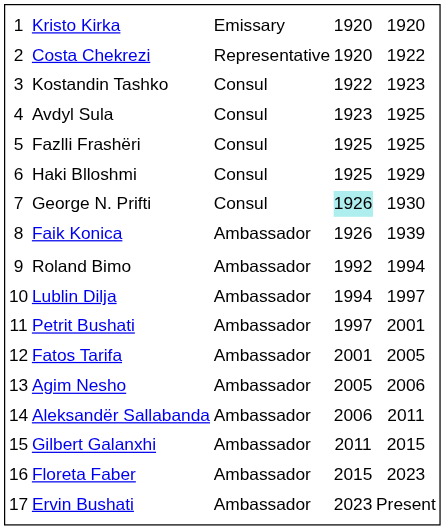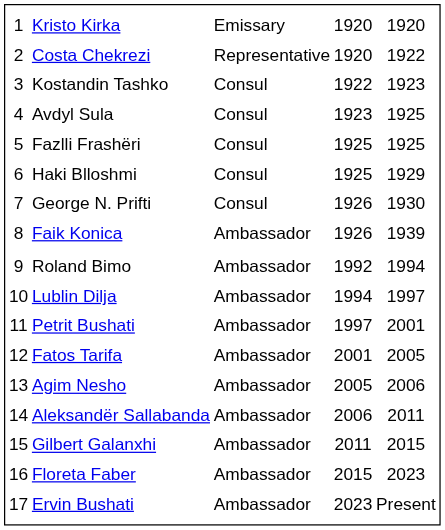 <table cellpadding="0" cellspacing="3" style="border:1px solid #000000; font-size:88%; line-height: 1.5em;">
 <tr>
 <td><strong></strong></td>
 <td><strong></strong></td>
 <td><strong></strong></td>
 <td colspan="2"></td>
 </tr>
 <tr>
 <td align=center>1</td>
 <td><a href='#'>Kristo Kirka</a></td>
 <td>Emissary</td>
 <td align=center>1920</td>
 <td align=center>1920</td>
 </tr>
 <tr>
 <td align=center>2</td>
 <td><a href='#'>Costa Chekrezi</a></td>
 <td>Representative</td>
 <td align=center>1920</td>
 <td align=center>1922</td>
 </tr>
 <tr>
 <td align=center>3</td>
 <td>Kostandin Tashko</td>
 <td>Consul</td>
 <td align=center>1922</td>
 <td align=center>1923</td>
 </tr>
 <tr>
 <td align=center>4</td>
 <td>Avdyl Sula</td>
 <td>Consul</td>
 <td align=center>1923</td>
 <td align=center>1925</td>
 </tr>
 <tr>
 <td align=center>5</td>
 <td>Fazlli Frashëri</td>
 <td>Consul</td>
 <td align=center>1925</td>
 <td align=center>1925</td>
 </tr>
 <tr>
 <td align=center>6</td>
 <td>Haki Blloshmi</td>
 <td>Consul</td>
 <td align=center>1925</td>
 <td align=center>1929</td>
 </tr>
 <tr>
 <td align=center>7</td>
 <td>George N. Prifti</td>
 <td>Consul</td>
-<td align=center style="background: paleturquoise;">1926</td>
+<td align=center>1926</td>
 <td align=center>1930</td>
 </tr>
 <tr>
 <td align=center>8</td>
 <td><a href='#'>Faik Konica</a></td>
 <td>Ambassador</td>
 <td align=center>1926</td>
 <td align=center>1939</td>
 </tr>
 <tr>
 <td colspan="8" align=center></td>
 </tr>
 <tr>
 <td align=center>9</td>
 <td>Roland Bimo</td>
 <td>Ambassador</td>
 <td align=center>1992</td>
 <td align=center>1994</td>
 </tr>
 <tr>
 <td align=center>10</td>
 <td><a href='#'>Lublin Dilja</a></td>
 <td>Ambassador</td>
 <td align=center>1994</td>
 <td align=center>1997</td>
 </tr>
 <tr>
 <td align=center>11</td>
 <td><a href='#'>Petrit Bushati</a></td>
 <td>Ambassador</td>
 <td align=center>1997</td>
 <td align=center>2001</td>
 </tr>
 <tr>
 <td align=center>12</td>
 <td><a href='#'>Fatos Tarifa</a></td>
 <td>Ambassador</td>
 <td align=center>2001</td>
 <td align=center>2005</td>
 </tr>
 <tr>
 <td align=center>13</td>
 <td><a href='#'>Agim Nesho</a></td>
 <td>Ambassador</td>
 <td align=center>2005</td>
 <td align=center>2006</td>
 </tr>
 <tr>
 <td align=center>14</td>
 <td><a href='#'>Aleksandër Sallabanda</a></td>
 <td>Ambassador</td>
 <td align=center>2006</td>
 <td align=center>2011</td>
 </tr>
 <tr>
 <td align=center>15</td>
 <td><a href='#'>Gilbert Galanxhi</a></td>
 <td>Ambassador</td>
 <td align=center>2011</td>
 <td align=center>2015</td>
 </tr>
 <tr>
 <td align=center>16</td>
 <td><a href='#'>Floreta Faber</a></td>
 <td>Ambassador</td>
 <td align=center>2015</td>
 <td align=center>2023</td>
 </tr>
 <tr>
 <td align=center>17</td>
 <td><a href='#'>Ervin Bushati</a></td>
 <td>Ambassador</td>
 <td align=center>2023</td>
 <td align=center>Present</td>
 </tr>
 <tr>
 </tr>
 </table>
